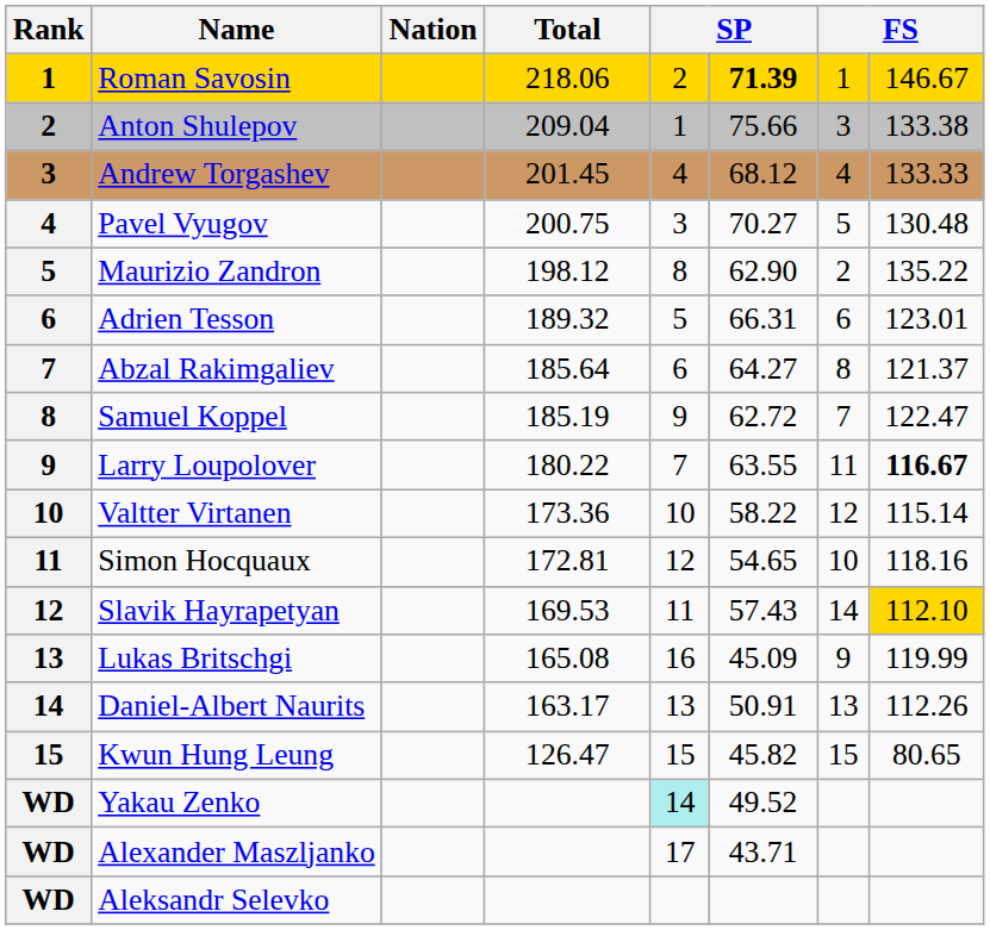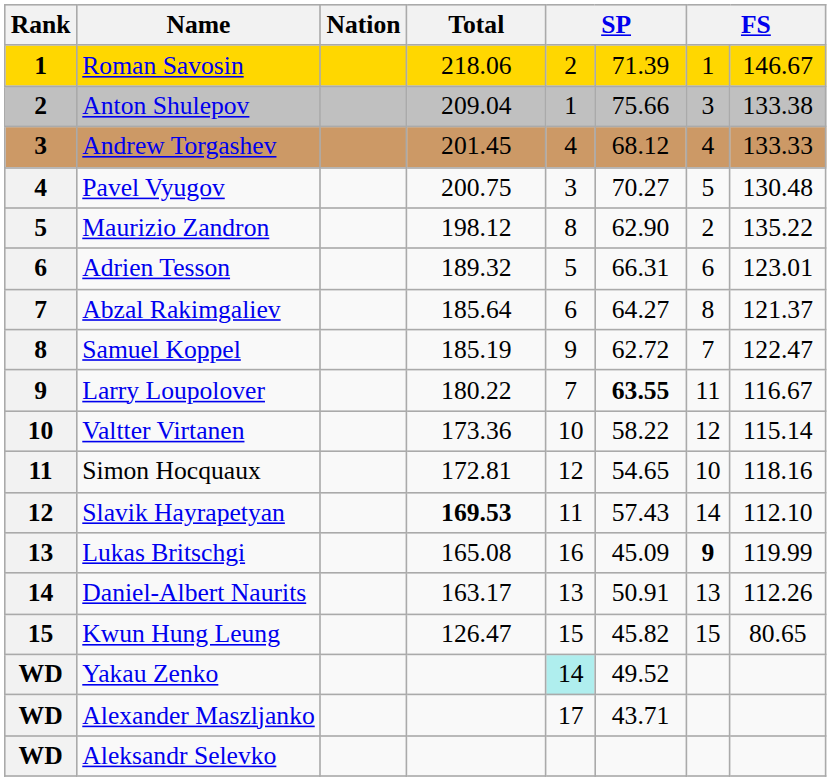 <table class="wikitable sortable">
 <tr>
 <th>Rank</th>
 <th>Name</th>
 <th>Nation</th>
 <th width="80px">Total</th>
 <th colspan="2" width="80px"><a href='#'>SP</a></th>
 <th colspan="2" width="80px"><a href='#'>FS</a></th>
 </tr>
 <tr bgcolor="gold">
 <td align="center"><strong>1</strong></td>
 <td><a href='#'>Roman Savosin</a></td>
 <td></td>
 <td align="center">218.06</td>
 <td align="center">2</td>
-<td align="center"><strong>71.39</strong></td>
+<td align="center">71.39</td>
 <td align="center">1</td>
 <td align="center">146.67</td>
 </tr>
 <tr bgcolor="silver">
 <td align="center"><strong>2</strong></td>
 <td><a href='#'>Anton Shulepov</a></td>
 <td></td>
 <td align="center">209.04</td>
 <td align="center">1</td>
 <td align="center">75.66</td>
 <td align="center">3</td>
 <td align="center">133.38</td>
 </tr>
 <tr bgcolor="cc9966">
 <td align="center"><strong>3</strong></td>
 <td><a href='#'>Andrew Torgashev</a></td>
 <td></td>
 <td align="center">201.45</td>
 <td align="center">4</td>
 <td align="center">68.12</td>
 <td align="center">4</td>
 <td align="center">133.33</td>
 </tr>
 <tr>
 <th>4</th>
 <td><a href='#'>Pavel Vyugov</a></td>
 <td></td>
 <td align="center">200.75</td>
 <td align="center">3</td>
 <td align="center">70.27</td>
 <td align="center">5</td>
 <td align="center">130.48</td>
 </tr>
 <tr>
 <th>5</th>
 <td><a href='#'>Maurizio Zandron</a></td>
 <td></td>
 <td align="center">198.12</td>
 <td align="center">8</td>
 <td align="center">62.90</td>
 <td align="center">2</td>
 <td align="center">135.22</td>
 </tr>
 <tr>
 <th>6</th>
 <td><a href='#'>Adrien Tesson</a></td>
 <td></td>
 <td align="center">189.32</td>
 <td align="center">5</td>
 <td align="center">66.31</td>
 <td align="center">6</td>
 <td align="center">123.01</td>
 </tr>
 <tr>
 <th>7</th>
 <td><a href='#'>Abzal Rakimgaliev</a></td>
 <td></td>
 <td align="center">185.64</td>
 <td align="center">6</td>
 <td align="center">64.27</td>
 <td align="center">8</td>
 <td align="center">121.37</td>
 </tr>
 <tr>
 <th>8</th>
 <td><a href='#'>Samuel Koppel</a></td>
 <td></td>
 <td align="center">185.19</td>
 <td align="center">9</td>
 <td align="center">62.72</td>
 <td align="center">7</td>
 <td align="center">122.47</td>
 </tr>
 <tr>
 <th>9</th>
 <td><a href='#'>Larry Loupolover</a></td>
 <td></td>
 <td align="center">180.22</td>
 <td align="center">7</td>
-<td align="center">63.55</td>
+<td align="center"><strong>63.55</strong></td>
 <td align="center">11</td>
-<td align="center"><strong>116.67</strong></td>
+<td align="center">116.67</td>
 </tr>
 <tr>
 <th>10</th>
 <td><a href='#'>Valtter Virtanen</a></td>
 <td></td>
 <td align="center">173.36</td>
 <td align="center">10</td>
 <td align="center">58.22</td>
 <td align="center">12</td>
 <td align="center">115.14</td>
 </tr>
 <tr>
 <th>11</th>
 <td>Simon Hocquaux</td>
 <td></td>
 <td align="center">172.81</td>
 <td align="center">12</td>
 <td align="center">54.65</td>
 <td align="center">10</td>
 <td align="center">118.16</td>
 </tr>
 <tr>
 <th>12</th>
 <td><a href='#'>Slavik Hayrapetyan</a></td>
 <td></td>
-<td align="center">169.53</td>
+<td align="center"><strong>169.53</strong></td>
 <td align="center">11</td>
 <td align="center">57.43</td>
 <td align="center">14</td>
-<td align="center" style="background: gold;">112.10</td>
+<td align="center">112.10</td>
 </tr>
 <tr>
 <th>13</th>
 <td><a href='#'>Lukas Britschgi</a></td>
 <td></td>
 <td align="center">165.08</td>
 <td align="center">16</td>
 <td align="center">45.09</td>
-<td align="center">9</td>
+<td align="center"><strong>9</strong></td>
 <td align="center">119.99</td>
 </tr>
 <tr>
 <th>14</th>
 <td><a href='#'>Daniel-Albert Naurits</a></td>
 <td></td>
 <td align="center">163.17</td>
 <td align="center">13</td>
 <td align="center">50.91</td>
 <td align="center">13</td>
 <td align="center">112.26</td>
 </tr>
 <tr>
 <th>15</th>
 <td><a href='#'>Kwun Hung Leung</a></td>
 <td></td>
 <td align="center">126.47</td>
 <td align="center">15</td>
 <td align="center">45.82</td>
 <td align="center">15</td>
 <td align="center">80.65</td>
 </tr>
 <tr>
 <th>WD</th>
 <td><a href='#'>Yakau Zenko</a></td>
 <td></td>
 <td align="center"></td>
 <td align="center" style="background: paleturquoise;">14</td>
 <td align="center">49.52</td>
 <td align="center"></td>
 <td align="center"></td>
 </tr>
 <tr>
 <th>WD</th>
 <td><a href='#'>Alexander Maszljanko</a></td>
 <td></td>
 <td align="center"></td>
 <td align="center">17</td>
 <td align="center">43.71</td>
 <td align="center"></td>
 <td align="center"></td>
 </tr>
 <tr>
 <th>WD</th>
 <td><a href='#'>Aleksandr Selevko</a></td>
 <td></td>
 <td align="center"></td>
 <td align="center"></td>
 <td align="center"></td>
 <td align="center"></td>
 <td align="center"></td>
 </tr>
 </table>
